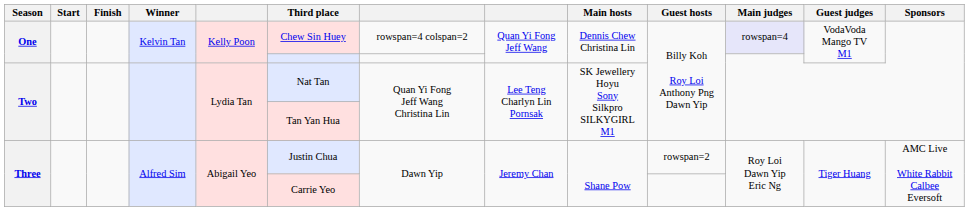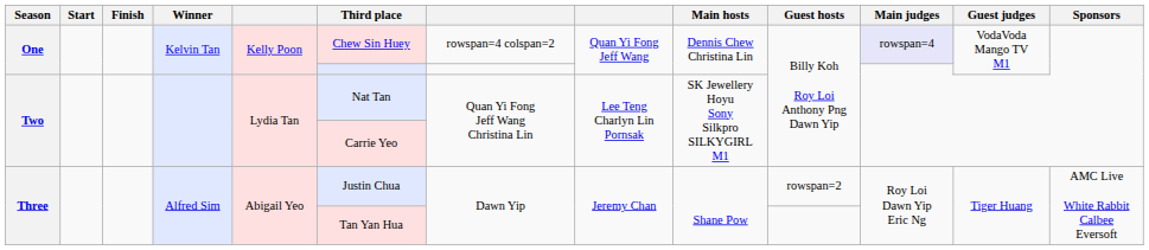 <table class="wikitable" style="text-align:center; font-size:85%; line-height:16px; width:100%;">
 <tr>
 <th scope="col">Season</th>
 <th scope="col">Start</th>
 <th scope="col">Finish</th>
 <th scope="col">Winner</th>
 <th scope="col"></th>
 <th scope="col">Third place</th>
 <th scope="col"></th>
 <th scope="col"></th>
 <th scope="col">Main hosts</th>
 <th scope="col">Guest hosts</th>
 <th scope="col">Main judges</th>
 <th scope="col">Guest judges</th>
 <th scope="col">Sponsors</th>
 </tr>
 <tr>
 <th rowspan=2 scope="row"><a href='#'>One</a></th>
 <td rowspan=2></td>
 <td rowspan=2></td>
 <td rowspan=2 style="background:#E0E8FF;"><a href='#'>Kelvin Tan</a></td>
 <td rowspan=2 style="background:#FFE0E0;"><a href='#'>Kelly Poon</a></td>
 <td style="background:#FFE0E0;"><a href='#'>Chew Sin Huey</a></td>
 <td>rowspan=4 colspan=2 </td>
 <td rowspan=2><a href='#'>Quan Yi Fong</a><br><a href='#'>Jeff Wang</a></td>
 <td rowspan=2><a href='#'>Dennis Chew</a><br>Christina Lin</td>
 <td rowspan=4>Billy Koh<br><br><a href='#'>Roy Loi</a><br>Anthony Png<br>Dawn Yip</td>
 <td style="background: lavender;">rowspan=4 </td>
 <td rowspan=2>VodaVoda<br>Mango TV<br><a href='#'>M1</a></td>
 </tr>
 <tr>
 <td style="background:#E0E8FF;"></td>
 </tr>
 <tr>
 <th rowspan=2 scope="row"><a href='#'>Two</a></th>
 <td rowspan=2></td>
 <td rowspan=2></td>
 <td rowspan=2 style="background:#E0E8FF;"></td>
 <td rowspan=2 style="background:#FFE0E0;">Lydia Tan</td>
 <td style="background:#E0E8FF;">Nat Tan</td>
 <td rowspan=2>Quan Yi Fong<br>Jeff Wang<br>Christina Lin</td>
 <td rowspan=2><a href='#'>Lee Teng</a><br>Charlyn Lin<br><a href='#'>Pornsak</a><br></td>
 <td rowspan=2>SK Jewellery<br>Hoyu<br><a href='#'>Sony</a><br>Silkpro<br>SILKYGIRL<br><a href='#'>M1</a></td>
 </tr>
 <tr>
-<td style="background:#FFE0E0;">Tan Yan Hua</td>
+<td style="background:#FFE0E0;">Carrie Yeo</td>
 </tr>
 <tr>
 <th rowspan=2 scope="row"><a href='#'>Three</a></th>
 <td rowspan=2></td>
 <td rowspan=2></td>
 <td rowspan=2 style="background:#E0E8FF;"><a href='#'>Alfred Sim</a></td>
 <td rowspan=2 style="background:#FFE0E0;">Abigail Yeo</td>
 <td style="background:#E0E8FF;">Justin Chua</td>
 <td rowspan=2>Dawn Yip</td>
 <td rowspan=2><a href='#'>Jeremy Chan</a></td>
 <td rowspan=2><br><br><a href='#'>Shane Pow</a></td>
 <td>rowspan=2 </td>
 <td rowspan=2>Roy Loi<br>Dawn Yip<br>Eric Ng</td>
 <td rowspan=2><a href='#'>Tiger Huang</a><br></td>
 <td rowspan=2>AMC Live<br><br><a href='#'>White Rabbit</a><br><a href='#'>Calbee</a><br>Eversoft</td>
 </tr>
 <tr>
-<td style="background:#FFE0E0;">Carrie Yeo</td>
+<td style="background:#FFE0E0;">Tan Yan Hua</td>
 </tr>
 </table>
